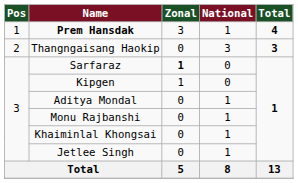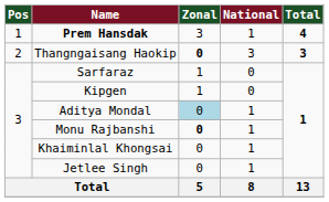 <table class="wikitable" margin-left:1em;float:center>
 <tr>
 <th style="background:#1A5026; color:white; text-align:center;">Pos</th>
 <th style="background:#7A1024; color:white; text-align:center;">Name</th>
 <th style="background:#1A5026; color:white; text-align:center;">Zonal</th>
 <th style="background:#7A1024; color:white; text-align:center;">National</th>
 <th style="background:#1A5026; color:white; text-align:center;">Total</th>
 </tr>
 <tr>
 <td rowspan= "1" style="text-align:center">1</td>
 <td style="text-align:center"><strong>Prem Hansdak</strong></td>
 <td style="text-align:center">3</td>
 <td style="text-align:center">1</td>
 <td style="text-align:center"><strong>4</strong></td>
 </tr>
 <tr>
 <td rowspan= "1" style="text-align:center">2</td>
 <td style="text-align:center">Thangngaisang Haokip</td>
-<td style="text-align:center">0</td>
+<td style="text-align:center"><strong>0</strong></td>
 <td style="text-align:center">3</td>
 <td style="text-align:center"><strong>3</strong></td>
 </tr>
 <tr>
 <td rowspan= "6" style="text-align:center">3</td>
 <td style="text-align:center">Sarfaraz</td>
-<td style="text-align:center"><strong>1</strong></td>
+<td style="text-align:center">1</td>
 <td style="text-align:center">0</td>
 <td rowspan= "6" style="text-align:center"><strong>1</strong></td>
 </tr>
 <tr>
 <td style="text-align:center">Kipgen</td>
 <td style="text-align:center">1</td>
 <td style="text-align:center">0</td>
 </tr>
 <tr>
 <td style="text-align:center">Aditya Mondal</td>
-<td style="text-align:center">0</td>
+<td style="background: lightblue; text-align:center">0</td>
 <td style="text-align:center">1</td>
 </tr>
 <tr>
 <td style="text-align:center">Monu Rajbanshi</td>
-<td style="text-align:center">0</td>
+<td style="text-align:center"><strong>0</strong></td>
 <td style="text-align:center">1</td>
 </tr>
 <tr>
 <td style="text-align:center">Khaiminlal Khongsai</td>
 <td style="text-align:center">0</td>
 <td style="text-align:center">1</td>
 </tr>
 <tr>
 <td style="text-align:center">Jetlee Singh</td>
 <td style="text-align:center">0</td>
 <td style="text-align:center">1</td>
 </tr>
 <tr>
 <th colspan="2">Total</th>
 <th>5</th>
 <th>8</th>
 <th>13</th>
 </tr>
 <tr>
 </tr>
 </table>
